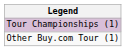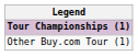 <table class="wikitable" style="font-size:95%;">
 <tr>
 <th>Legend</th>
 </tr>
 <tr style="background:thistle;">
-<td>Tour Championships (1)</td>
+<td><strong>Tour Championships (1)</strong></td>
 </tr>
 <tr>
 <td>Other Buy.com Tour (1)</td>
 </tr>
 </table>
